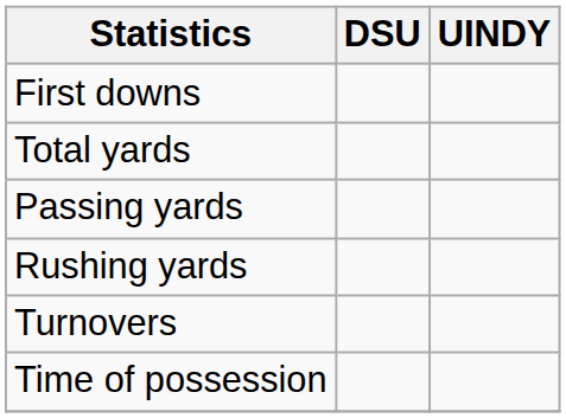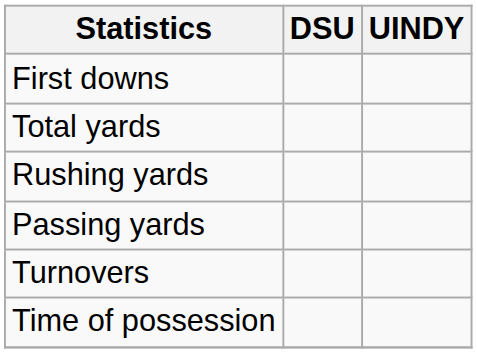 <table class="wikitable" style="float: left;">
 <tr>
 <th>Statistics</th>
 <th>DSU</th>
 <th>UINDY</th>
 </tr>
 <tr>
 <td>First downs</td>
 <td></td>
 <td></td>
 </tr>
 <tr>
 <td>Total yards</td>
 <td></td>
 <td></td>
 </tr>
 <tr>
-<td>Passing yards</td>
+<td>Rushing yards</td>
 <td></td>
 <td></td>
 </tr>
 <tr>
-<td>Rushing yards</td>
+<td>Passing yards</td>
 <td></td>
 <td></td>
 </tr>
 <tr>
 <td>Turnovers</td>
 <td></td>
 <td></td>
 </tr>
 <tr>
 <td>Time of possession</td>
 <td></td>
 <td></td>
 </tr>
 <tr>
 </tr>
 </table>
